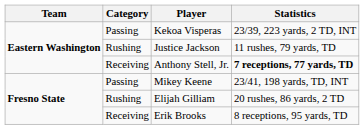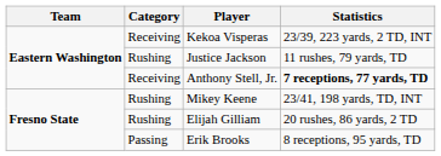 <table class="wikitable" style="float: right;">
 <tr>
 <th>Team</th>
 <th>Category</th>
 <th>Player</th>
 <th>Statistics</th>
 </tr>
 <tr>
 <td rowspan=3><strong>Eastern Washington</strong></td>
-<td>Passing</td>
+<td>Receiving</td>
 <td>Kekoa Visperas</td>
 <td>23/39, 223 yards, 2 TD, INT</td>
 </tr>
 <tr>
 <td>Rushing</td>
 <td>Justice Jackson</td>
 <td>11 rushes, 79 yards, TD</td>
 </tr>
 <tr>
 <td>Receiving</td>
 <td>Anthony Stell, Jr.</td>
 <td><strong>7 receptions, 77 yards, TD</strong></td>
 </tr>
 <tr>
 <td rowspan=3><strong>Fresno State</strong></td>
-<td>Passing</td>
+<td>Rushing</td>
 <td>Mikey Keene</td>
 <td>23/41, 198 yards, TD, INT</td>
 </tr>
 <tr>
 <td>Rushing</td>
 <td>Elijah Gilliam</td>
 <td>20 rushes, 86 yards, 2 TD</td>
 </tr>
 <tr>
-<td>Receiving</td>
+<td>Passing</td>
 <td>Erik Brooks</td>
 <td>8 receptions, 95 yards, TD</td>
 </tr>
 </table>
